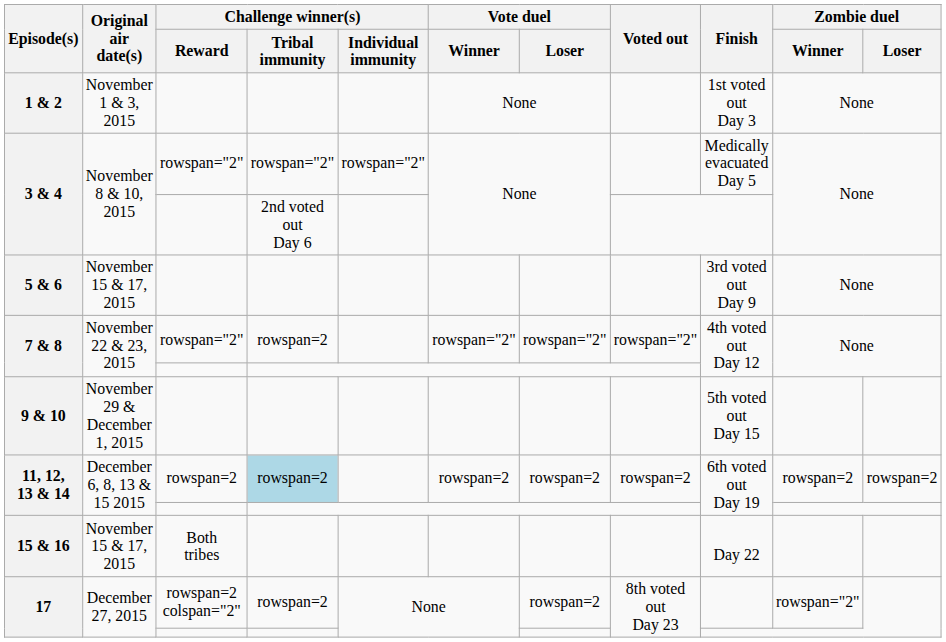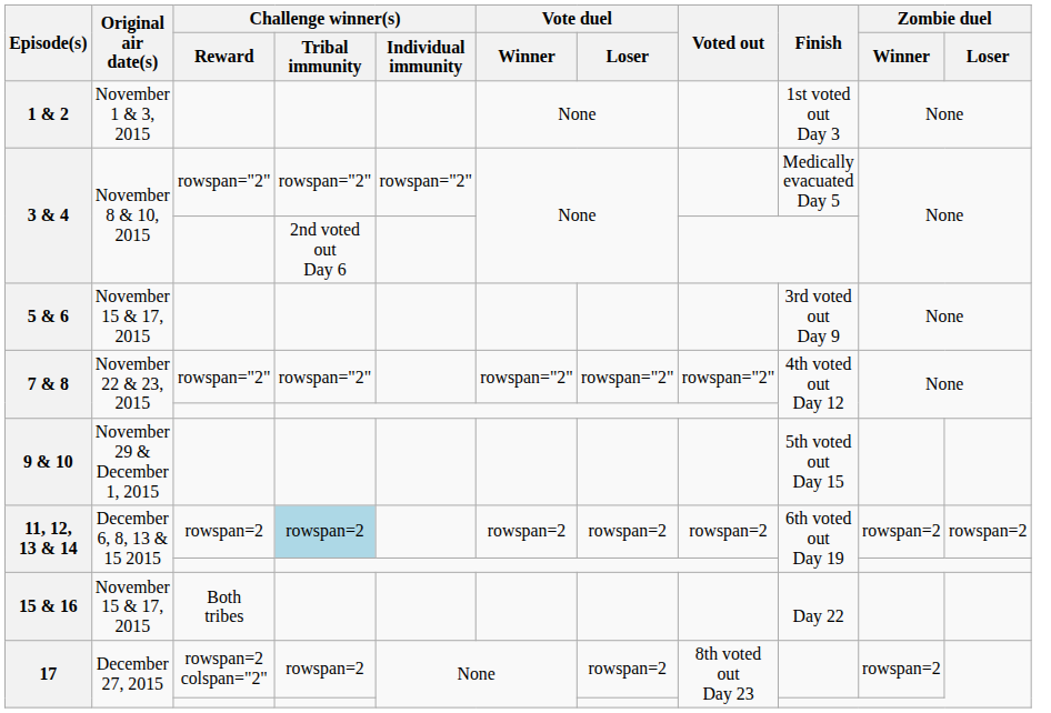 <table class="wikitable nowrap" style="margin:auto; text-align:center">
 <tr>
 <th rowspan="2">Episode(s)</th>
 <th rowspan="2">Original air date(s)</th>
 <th colspan="3">Challenge winner(s)</th>
 <th colspan="2">Vote duel</th>
 <th rowspan="2">Voted out</th>
 <th rowspan="2">Finish</th>
 <th colspan="2">Zombie duel</th>
 </tr>
 <tr>
 <th>Reward</th>
 <th>Tribal<br>immunity</th>
 <th>Individual<br>immunity</th>
 <th>Winner</th>
 <th>Loser</th>
 <th>Winner</th>
 <th>Loser</th>
 </tr>
 <tr>
 <th>1 & 2</th>
 <td>November 1 & 3, 2015</td>
 <td></td>
 <td></td>
 <td></td>
 <td colspan="2">None</td>
 <td></td>
 <td>1st voted out<br>Day 3</td>
 <td colspan="2">None</td>
 </tr>
 <tr>
 <th rowspan="2">3 & 4</th>
 <td rowspan="2">November 8 & 10, 2015</td>
 <td>rowspan="2" </td>
 <td>rowspan="2" </td>
 <td>rowspan="2" </td>
 <td rowspan="2" colspan="2">None</td>
 <td></td>
 <td>Medically<br>evacuated<br>Day 5</td>
 <td rowspan="2" colspan="2">None</td>
 </tr>
 <tr>
 <td></td>
 <td>2nd voted out<br>Day 6</td>
 </tr>
 <tr>
 <th>5 & 6</th>
 <td>November 15 & 17, 2015</td>
 <td></td>
 <td></td>
 <td></td>
 <td></td>
 <td></td>
 <td></td>
 <td>3rd voted out<br>Day 9</td>
 <td colspan="2">None</td>
 </tr>
 <tr>
 <th rowspan="2">7 & 8</th>
 <td rowspan="2">November 22 & 23, 2015</td>
 <td>rowspan="2" </td>
-<td>rowspan=2 </td>
+<td>rowspan="2" </td>
 <td></td>
 <td>rowspan="2" </td>
 <td>rowspan="2" </td>
 <td>rowspan="2" </td>
 <td rowspan="2">4th voted out<br>Day 12</td>
 <td rowspan="2" colspan="2">None</td>
 </tr>
 <tr>
 <td></td>
 </tr>
 <tr>
 <th>9 & 10</th>
 <td>November 29 &<br>December 1, 2015</td>
 <td></td>
 <td></td>
 <td></td>
 <td></td>
 <td></td>
 <td></td>
 <td>5th voted out<br>Day 15</td>
 <td></td>
 <td></td>
 </tr>
 <tr>
 <th rowspan=2>11, 12,<br>13 & 14</th>
 <td rowspan=2>December 6, 8, 13 & 15 2015</td>
 <td>rowspan=2 </td>
 <td style="background: lightblue;">rowspan=2 </td>
 <td></td>
 <td>rowspan=2 </td>
 <td>rowspan=2 </td>
 <td>rowspan=2 </td>
 <td rowspan=2>6th voted out<br>Day 19</td>
 <td>rowspan=2 </td>
 <td>rowspan=2 </td>
 </tr>
 <tr>
 <td></td>
 </tr>
 <tr>
 <th>15 & 16</th>
 <td>November 15 & 17, 2015</td>
 <td>Both<br>tribes</td>
 <td></td>
 <td></td>
 <td></td>
 <td></td>
 <td></td>
 <td><br>Day 22</td>
 <td></td>
 <td></td>
 </tr>
 <tr>
 <th rowspan=2>17</th>
 <td rowspan=2>December 27, 2015</td>
 <td>rowspan=2 colspan="2" </td>
 <td>rowspan=2 </td>
 <td rowspan=2 colspan="2">None</td>
 <td>rowspan=2 </td>
 <td rowspan="2">8th voted out<br>Day 23</td>
 <td></td>
-<td>rowspan="2" </td>
+<td>rowspan=2 </td>
 </tr>
 <tr>
 <td></td>
 </tr>
 </table>
